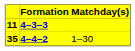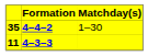 <table class="toccolours" border="0" cellpadding="2" cellspacing="0" align="center" style="margin: 0.5em 0 1em 1em; background: #000000; border: 1px #aaaaaa solid;">
 <tr bgcolor=#FFFF00>
 <th></th>
 <th>Formation</th>
 <th>Matchday(s)</th>
 </tr>
 <tr bgcolor=#FFFF00>
+<td><strong>35</strong></td>
+<td><a href='#'><span><strong>4–4–2</strong></span></a></td>
+<td>1–30</td>
+</tr>
+<tr bgcolor=#FFFF00>
 <td><strong>11</strong></td>
 <td><a href='#'><span><strong>4–3–3</strong></span></a></td>
 <td></td>
 </tr>
-<tr bgcolor=#FFFF00>
-<td><strong>35</strong></td>
-<td><a href='#'><span><strong>4–4–2</strong></span></a></td>
-<td>1–30</td>
-</tr>
 </table>
